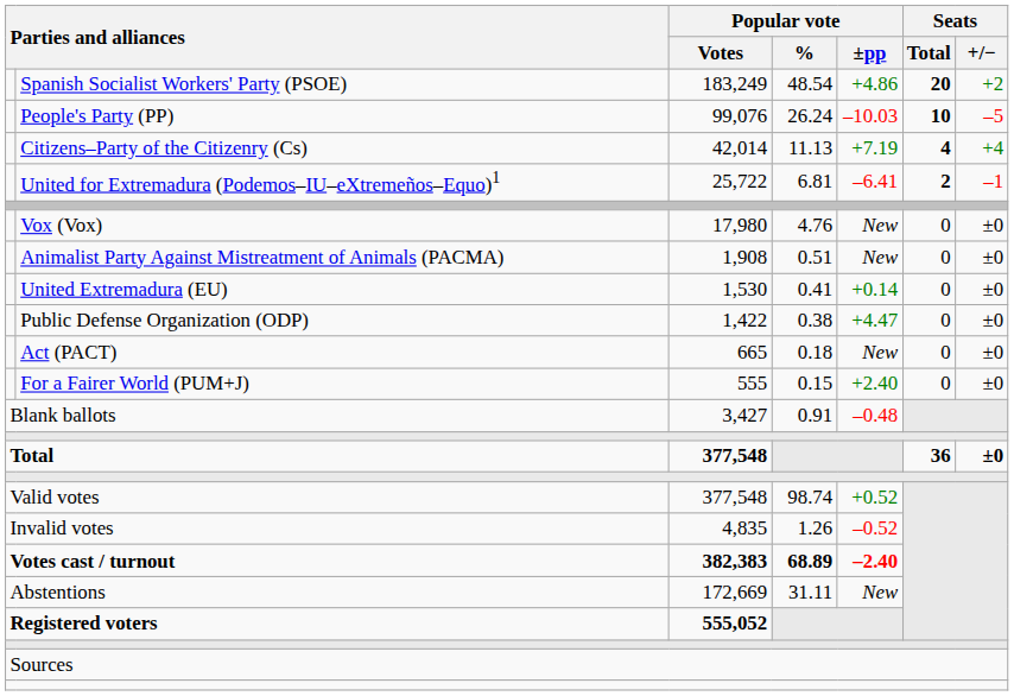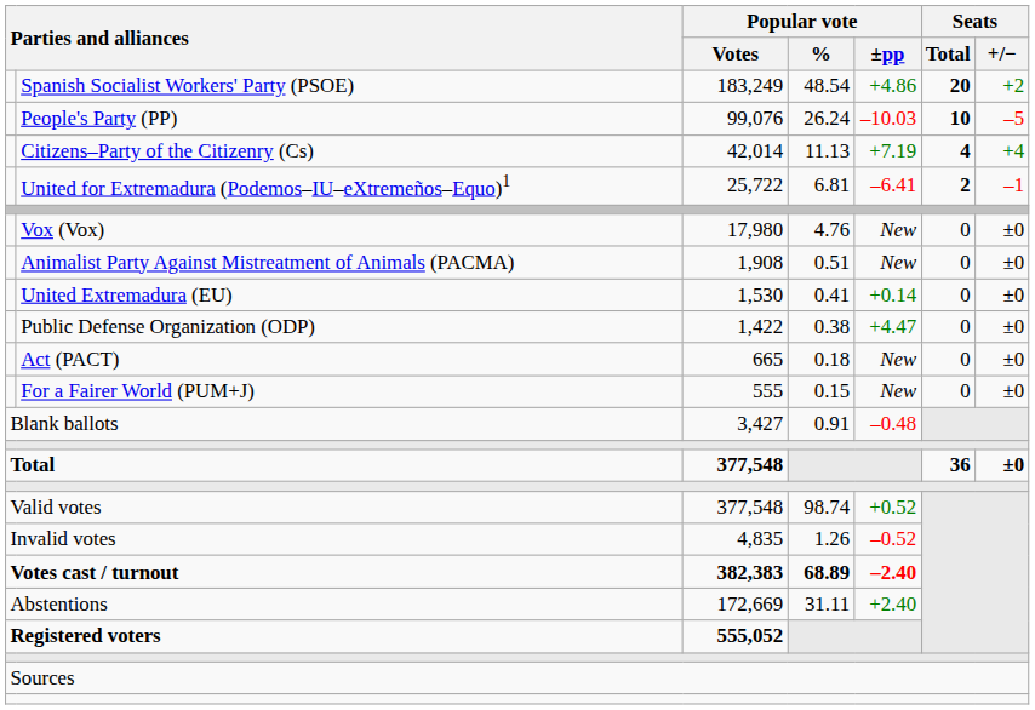 <table class="wikitable" style="text-align:right;">
 <tr>
 <th style="text-align:left;" rowspan="2" colspan="2" width="525">Parties and alliances</th>
 <th colspan="3">Popular vote</th>
 <th colspan="2">Seats</th>
 </tr>
 <tr>
 <th width="75">Votes</th>
 <th width="45">%</th>
 <th width="45">±<a href='#'>pp</a></th>
 <th width="35">Total</th>
 <th width="35">+/−</th>
 </tr>
 <tr>
 <td width="1" style="color:inherit;background:"></td>
 <td align="left"><a href='#'>Spanish Socialist Workers' Party</a> (PSOE)</td>
 <td>183,249</td>
 <td>48.54</td>
 <td style="color:green;">+4.86</td>
 <td><strong>20</strong></td>
 <td style="color:green;">+2</td>
 </tr>
 <tr>
 <td style="color:inherit;background:"></td>
 <td align="left"><a href='#'>People's Party</a> (PP)</td>
 <td>99,076</td>
 <td>26.24</td>
 <td style="color:red;">–10.03</td>
 <td><strong>10</strong></td>
 <td style="color:red;">–5</td>
 </tr>
 <tr>
 <td style="color:inherit;background:"></td>
 <td align="left"><a href='#'>Citizens–Party of the Citizenry</a> (Cs)</td>
 <td>42,014</td>
 <td>11.13</td>
 <td style="color:green;">+7.19</td>
 <td><strong>4</strong></td>
 <td style="color:green;">+4</td>
 </tr>
 <tr>
 <td style="color:inherit;background:"></td>
 <td align="left"><a href='#'>United for Extremadura</a> (<a href='#'>Podemos</a>–<a href='#'>IU</a>–<a href='#'>eXtremeños</a>–<a href='#'>Equo</a>)<sup>1</sup></td>
 <td>25,722</td>
 <td>6.81</td>
 <td style="color:red;">–6.41</td>
 <td><strong>2</strong></td>
 <td style="color:red;">–1</td>
 </tr>
 <tr>
 <td colspan="7" bgcolor="#C0C0C0"></td>
 </tr>
 <tr>
 <td style="color:inherit;background:"></td>
 <td align="left"><a href='#'>Vox</a> (Vox)</td>
 <td>17,980</td>
 <td>4.76</td>
 <td><em>New</em></td>
 <td>0</td>
 <td>±0</td>
 </tr>
 <tr>
 <td style="color:inherit;background:"></td>
 <td align="left"><a href='#'>Animalist Party Against Mistreatment of Animals</a> (PACMA)</td>
 <td>1,908</td>
 <td>0.51</td>
 <td><em>New</em></td>
 <td>0</td>
 <td>±0</td>
 </tr>
 <tr>
 <td style="color:inherit;background:"></td>
 <td align="left"><a href='#'>United Extremadura</a> (EU)</td>
 <td>1,530</td>
 <td>0.41</td>
 <td style="color:green;">+0.14</td>
 <td>0</td>
 <td>±0</td>
 </tr>
 <tr>
 <td style="color:inherit;background:"></td>
 <td align="left">Public Defense Organization (ODP)</td>
 <td>1,422</td>
 <td>0.38</td>
 <td style="color:green;">+4.47</td>
 <td>0</td>
 <td>±0</td>
 </tr>
 <tr>
 <td style="color:inherit;background:"></td>
 <td align="left"><a href='#'>Act</a> (PACT)</td>
 <td>665</td>
 <td>0.18</td>
 <td><em>New</em></td>
 <td>0</td>
 <td>±0</td>
 </tr>
 <tr>
 <td style="color:inherit;background:"></td>
 <td align="left"><a href='#'>For a Fairer World</a> (PUM+J)</td>
 <td>555</td>
 <td>0.15</td>
-<td style="color:green;">+2.40</td>
+<td><em>New</em></td>
 <td>0</td>
 <td>±0</td>
 </tr>
 <tr>
 <td align="left" colspan="2">Blank ballots</td>
 <td>3,427</td>
 <td>0.91</td>
 <td style="color:red;">–0.48</td>
 <td bgcolor="#E9E9E9" colspan="2"></td>
 </tr>
 <tr>
 <td colspan="7" bgcolor="#E9E9E9"></td>
 </tr>
 <tr style="font-weight:bold;">
 <td align="left" colspan="2">Total</td>
 <td>377,548</td>
 <td bgcolor="#E9E9E9" colspan="2"></td>
 <td>36</td>
 <td>±0</td>
 </tr>
 <tr>
 <td colspan="7" bgcolor="#E9E9E9"></td>
 </tr>
 <tr>
 <td align="left" colspan="2">Valid votes</td>
 <td>377,548</td>
 <td>98.74</td>
 <td style="color:green;">+0.52</td>
 <td bgcolor="#E9E9E9" colspan="2" rowspan="5"></td>
 </tr>
 <tr>
 <td align="left" colspan="2">Invalid votes</td>
 <td>4,835</td>
 <td>1.26</td>
 <td style="color:red;">–0.52</td>
 </tr>
 <tr style="font-weight:bold;">
 <td align="left" colspan="2">Votes cast / turnout</td>
 <td>382,383</td>
 <td>68.89</td>
 <td style="color:red;">–2.40</td>
 </tr>
 <tr>
 <td align="left" colspan="2">Abstentions</td>
 <td>172,669</td>
 <td>31.11</td>
-<td><em>New</em></td>
+<td style="color:green;">+2.40</td>
 </tr>
 <tr style="font-weight:bold;">
 <td align="left" colspan="2">Registered voters</td>
 <td>555,052</td>
 <td bgcolor="#E9E9E9" colspan="2"></td>
 </tr>
 <tr>
 <td colspan="7" bgcolor="#E9E9E9"></td>
 </tr>
 <tr>
 <td align="left" colspan="7">Sources</td>
 </tr>
 <tr>
 <td colspan="7" style="text-align:left; max-width:790px;"></td>
 </tr>
 </table>
